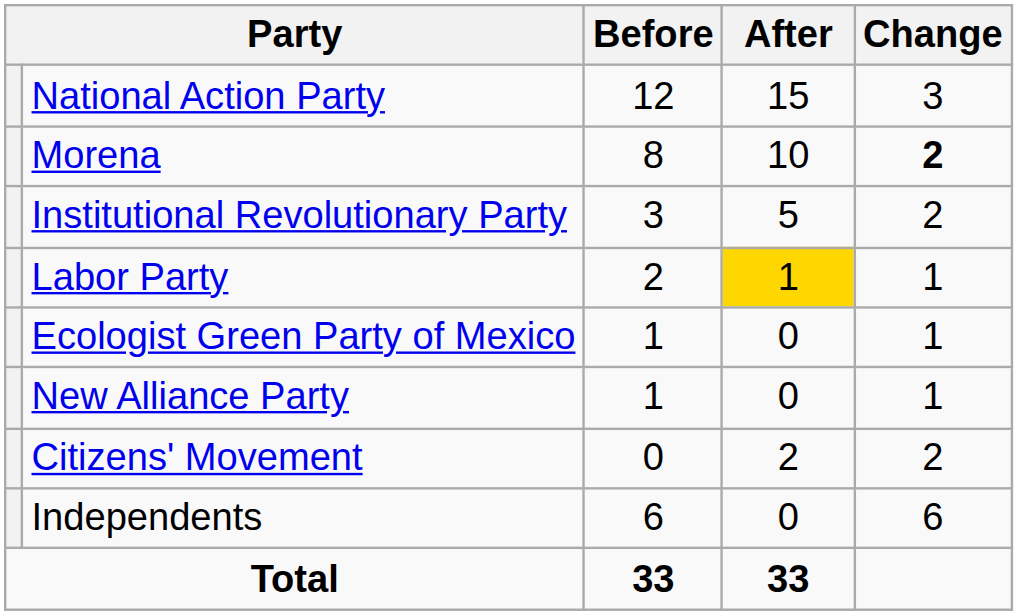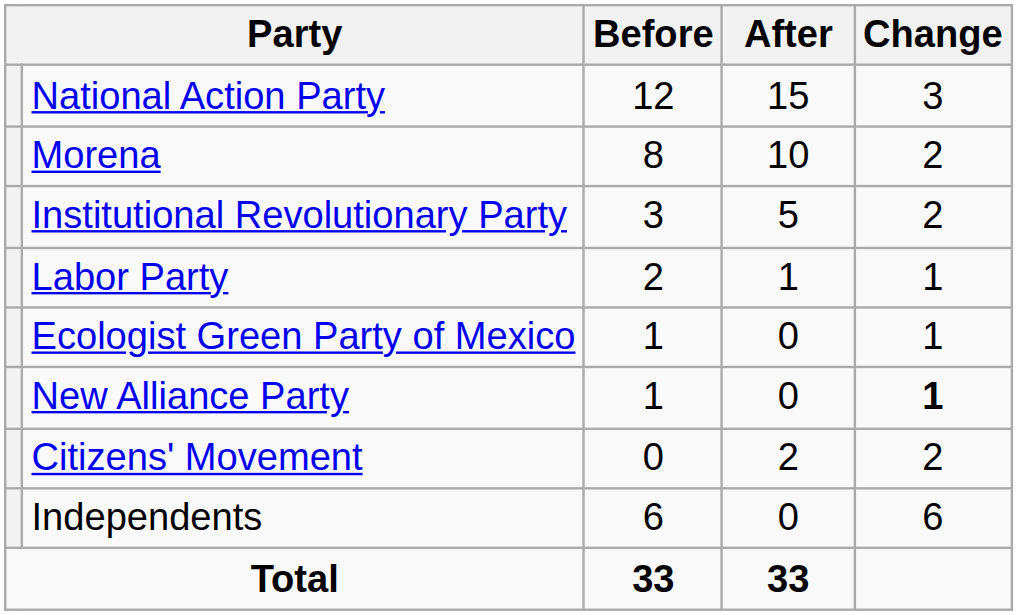 <table class="wikitable" style="text-align:center;">
 <tr>
 <th colspan="2">Party</th>
 <th style="width:3em">Before</th>
 <th style="width:3em">After</th>
 <th style="width:3em">Change</th>
 </tr>
 <tr>
 <th style="background-color:"></th>
 <td style="text-align:left;"><a href='#'>National Action Party</a></td>
 <td>12</td>
 <td>15</td>
 <td>3</td>
 </tr>
 <tr>
 <th style="background-color:"></th>
 <td style="text-align:left;"><a href='#'>Morena</a></td>
 <td>8</td>
 <td>10</td>
-<td><strong>2</strong></td>
+<td>2</td>
 </tr>
 <tr>
 <th style="background-color:"></th>
 <td style="text-align:left;"><a href='#'>Institutional Revolutionary Party</a></td>
 <td>3</td>
 <td>5</td>
 <td>2</td>
 </tr>
 <tr>
 <th style="background-color:"></th>
 <td style="text-align:left;"><a href='#'>Labor Party</a></td>
 <td>2</td>
-<td style="background: gold;">1</td>
+<td>1</td>
 <td>1</td>
 </tr>
 <tr>
 <th style="background-color:"></th>
 <td style="text-align:left;"><a href='#'>Ecologist Green Party of Mexico</a></td>
 <td>1</td>
 <td>0</td>
 <td>1</td>
 </tr>
 <tr>
 <th style="background-color:"></th>
 <td style="text-align:left;"><a href='#'>New Alliance Party</a></td>
 <td>1</td>
 <td>0</td>
-<td>1</td>
+<td><strong>1</strong></td>
 </tr>
 <tr>
 <th style="background-color:"></th>
 <td style="text-align:left;"><a href='#'>Citizens' Movement</a></td>
 <td>0</td>
 <td>2</td>
 <td>2</td>
 </tr>
 <tr>
 <th style="background-color:"></th>
 <td style="text-align:left;">Independents</td>
 <td>6</td>
 <td>0</td>
 <td>6</td>
 </tr>
 <tr>
 <td colspan="2"><strong>Total</strong></td>
 <td><strong>33</strong></td>
 <td><strong>33</strong></td>
 <td></td>
 </tr>
 </table>
